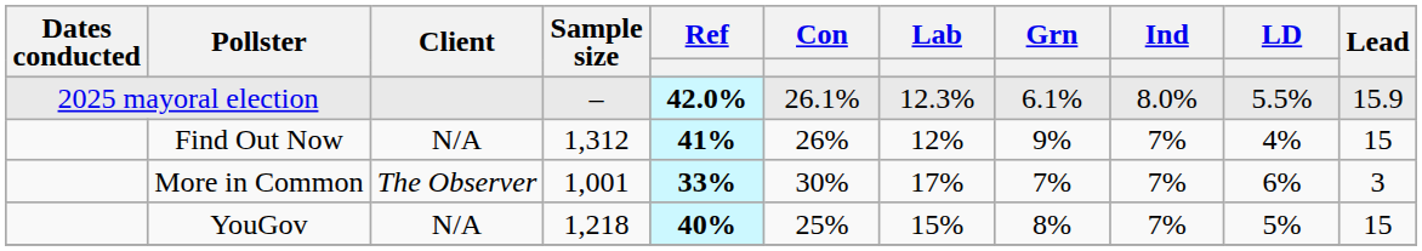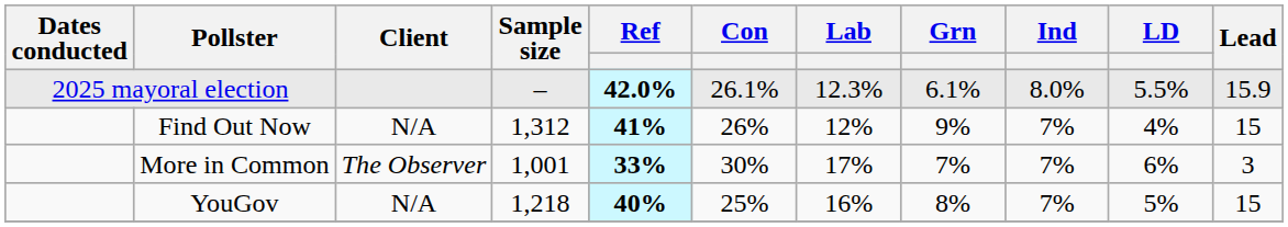 <table class="wikitable sortable  mw-datatable" style="text-align:center; font-size:90%; line-height:14px;">
 <tr>
 <th rowspan="2">Dates<br>conducted</th>
 <th rowspan="2">Pollster</th>
 <th rowspan="2">Client</th>
 <th rowspan="2" data-sort-type="number">Sample<br>size</th>
 <th class="unsortable" style="width:50px;" class="sorttop"><a href='#'>Ref</a></th>
 <th class="unsortable" style="width:50px;" class="sorttop"><a href='#'>Con</a></th>
 <th class="unsortable" style="width:50px;" class="sorttop"><a href='#'>Lab</a></th>
 <th class="unsortable" style="width:50px;" class="sorttop"><a href='#'>Grn</a></th>
 <th class="unsortable" style="width:50px;" class="sorttop"><a href='#'>Ind</a></th>
 <th class="unsortable" style="width:50px;" class="sorttop"><a href='#'>LD</a></th>
 <th rowspan="2" data-sort-type="number">Lead</th>
 </tr>
 <tr>
 <th data-sort-type="number" style="background:"></th>
 <th data-sort-type="number" style="background:"></th>
 <th data-sort-type="number" style="background:"></th>
 <th data-sort-type="number" style="background:"></th>
 <th data-sort-type="number" style="background:"></th>
 <th data-sort-type="number" style="background:"></th>
 </tr>
 <tr style="background:#E9E9E9;">
 <td colspan="2"><a href='#'>2025 mayoral election</a></td>
 <td></td>
 <td>–</td>
 <td style="background:#ccf8ff; color: black;"><strong>42.0%</strong></td>
 <td>26.1%</td>
 <td>12.3%</td>
 <td>6.1%</td>
 <td>8.0%</td>
 <td>5.5%</td>
 <td style="background:">15.9</td>
 </tr>
 <tr>
 <td></td>
 <td>Find Out Now</td>
 <td>N/A</td>
 <td>1,312</td>
 <td style="background:#ccf8ff; color: black;"><strong>41%</strong></td>
 <td>26%</td>
 <td>12%</td>
 <td>9%</td>
 <td>7%</td>
 <td>4%</td>
 <td style="background:">15</td>
 </tr>
 <tr>
 <td></td>
 <td>More in Common</td>
 <td><em>The Observer</em></td>
 <td>1,001</td>
 <td style="background:#ccf8ff; color: black;"><strong>33%</strong></td>
 <td>30%</td>
 <td>17%</td>
 <td>7%</td>
 <td>7%</td>
 <td>6%</td>
 <td style="background:">3</td>
 </tr>
 <tr>
 <td></td>
 <td>YouGov</td>
 <td>N/A</td>
 <td>1,218</td>
 <td style="background:#ccf8ff; color: black;"><strong>40%</strong></td>
 <td>25%</td>
-<td>15%</td>
+<td>16%</td>
 <td>8%</td>
 <td>7%</td>
 <td>5%</td>
 <td style="background:">15</td>
 </tr>
 <tr>
 </tr>
 </table>
